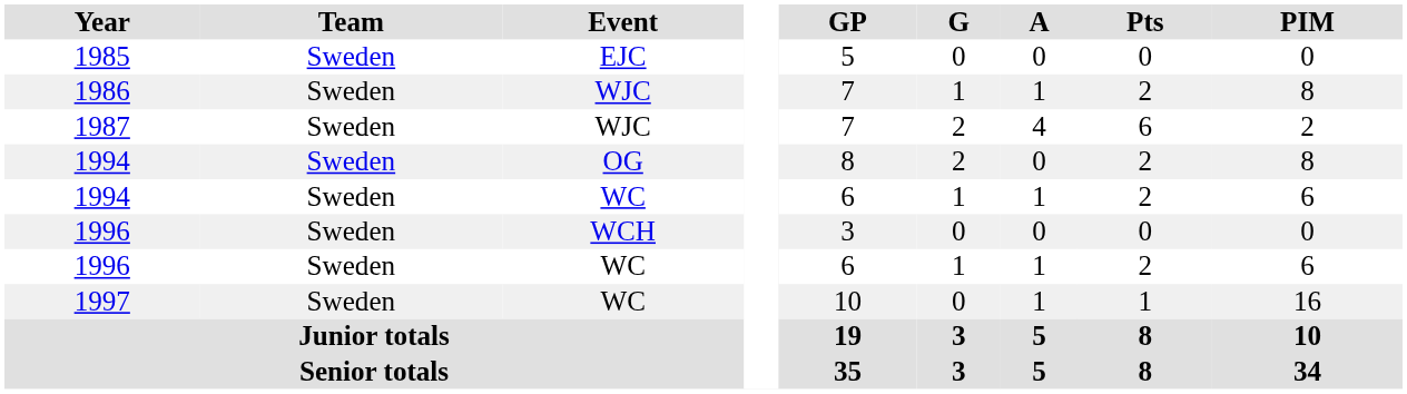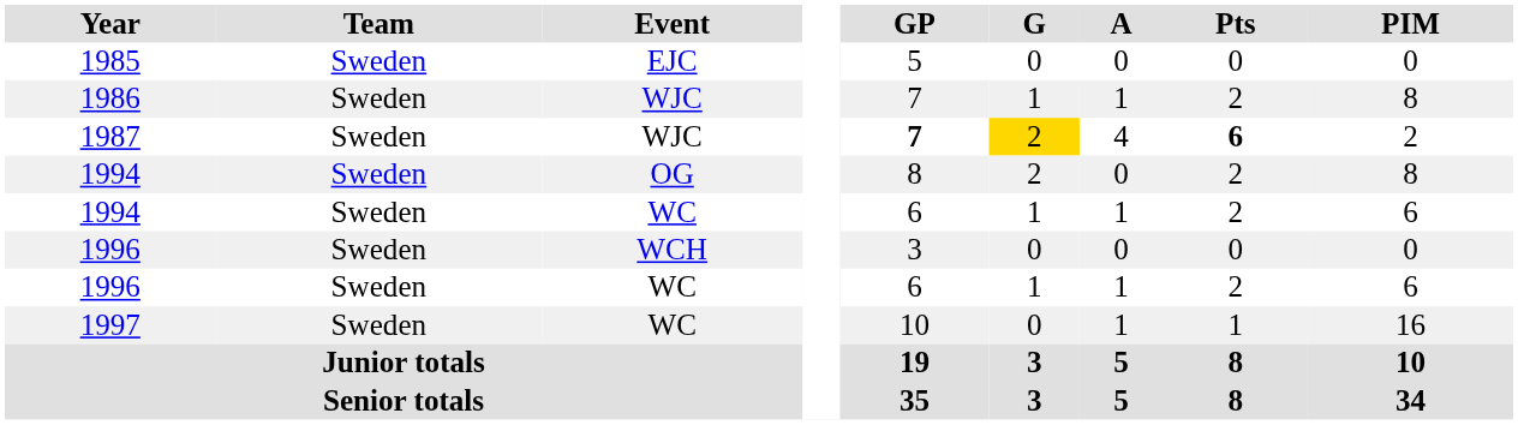 <table border="0" cellpadding="1" cellspacing="0" style="text-align:center; width:50em">
 <tr ALIGN="center" bgcolor="#e0e0e0">
 <th>Year</th>
 <th>Team</th>
 <th>Event</th>
 <th rowspan="99" bgcolor="#ffffff"> </th>
 <th>GP</th>
 <th>G</th>
 <th>A</th>
 <th>Pts</th>
 <th>PIM</th>
 </tr>
 <tr>
 <td><a href='#'>1985</a></td>
 <td><a href='#'>Sweden</a></td>
 <td><a href='#'>EJC</a></td>
 <td>5</td>
 <td>0</td>
 <td>0</td>
 <td>0</td>
 <td>0</td>
 </tr>
 <tr bgcolor="#f0f0f0">
 <td><a href='#'>1986</a></td>
 <td>Sweden</td>
 <td><a href='#'>WJC</a></td>
 <td>7</td>
 <td>1</td>
 <td>1</td>
 <td>2</td>
 <td>8</td>
 </tr>
 <tr>
 <td><a href='#'>1987</a></td>
 <td>Sweden</td>
 <td>WJC</td>
-<td>7</td>
-<td>2</td>
+<td><strong>7</strong></td>
+<td style="background: gold;">2</td>
 <td>4</td>
-<td>6</td>
+<td><strong>6</strong></td>
 <td>2</td>
 </tr>
 <tr bgcolor="#f0f0f0">
 <td><a href='#'>1994</a></td>
 <td><a href='#'>Sweden</a></td>
 <td><a href='#'>OG</a></td>
 <td>8</td>
 <td>2</td>
 <td>0</td>
 <td>2</td>
 <td>8</td>
 </tr>
 <tr>
 <td><a href='#'>1994</a></td>
 <td>Sweden</td>
 <td><a href='#'>WC</a></td>
 <td>6</td>
 <td>1</td>
 <td>1</td>
 <td>2</td>
 <td>6</td>
 </tr>
 <tr bgcolor="#f0f0f0">
 <td><a href='#'>1996</a></td>
 <td>Sweden</td>
 <td><a href='#'>WCH</a></td>
 <td>3</td>
 <td>0</td>
 <td>0</td>
 <td>0</td>
 <td>0</td>
 </tr>
 <tr>
 <td><a href='#'>1996</a></td>
 <td>Sweden</td>
 <td>WC</td>
 <td>6</td>
 <td>1</td>
 <td>1</td>
 <td>2</td>
 <td>6</td>
 </tr>
 <tr bgcolor="#f0f0f0">
 <td><a href='#'>1997</a></td>
 <td>Sweden</td>
 <td>WC</td>
 <td>10</td>
 <td>0</td>
 <td>1</td>
 <td>1</td>
 <td>16</td>
 </tr>
 <tr bgcolor="#e0e0e0">
 <th colspan=3>Junior totals</th>
 <th>19</th>
 <th>3</th>
 <th>5</th>
 <th>8</th>
 <th>10</th>
 </tr>
 <tr bgcolor="#e0e0e0">
 <th colspan=3>Senior totals</th>
 <th>35</th>
 <th>3</th>
 <th>5</th>
 <th>8</th>
 <th>34</th>
 </tr>
 </table>
